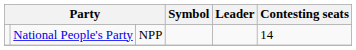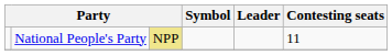 <table class="wikitable">
 <tr>
 <th colspan="3">Party</th>
 <th>Symbol</th>
 <th>Leader</th>
 <th>Contesting seats</th>
 </tr>
 <tr>
 <td></td>
 <td><a href='#'>National People's Party</a></td>
-<td>NPP</td>
+<td style="background: khaki;">NPP</td>
 <td></td>
 <td></td>
-<td>14</td>
+<td>11</td>
 </tr>
 <tr>
 </tr>
 </table>
